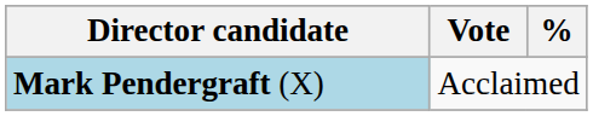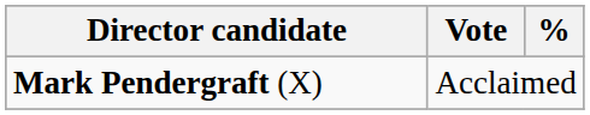 <table class="wikitable">
 <tr>
 <th width="200px">Director candidate</th>
 <th>Vote</th>
 <th>%</th>
 </tr>
 <tr>
-<td style="background: lightblue;"><strong>Mark Pendergraft</strong> (X) </td>
+<td><strong>Mark Pendergraft</strong> (X) </td>
 <td colspan="2">Acclaimed</td>
 </tr>
 </table>
